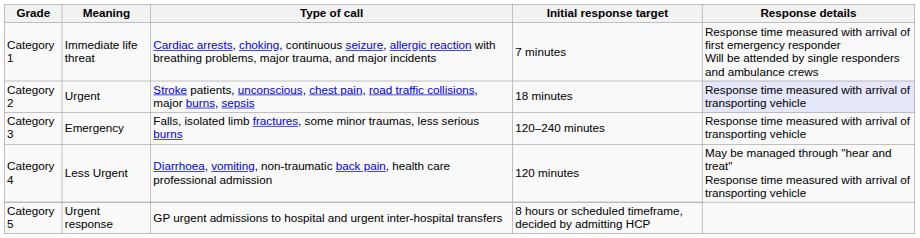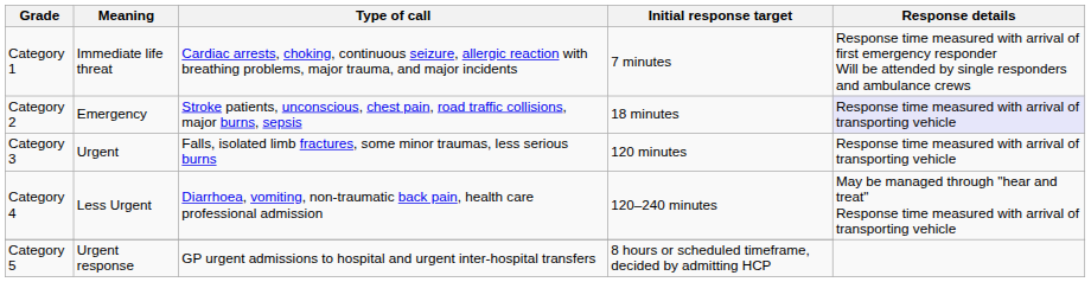 <table class=wikitable>
 <tr>
 <th>Grade</th>
 <th>Meaning</th>
 <th>Type of call</th>
 <th>Initial response target</th>
 <th>Response details</th>
 </tr>
 <tr>
 <td>Category 1</td>
 <td>Immediate life threat</td>
 <td><a href='#'>Cardiac arrests</a>, <a href='#'>choking</a>, continuous <a href='#'>seizure</a>, <a href='#'>allergic reaction</a> with breathing problems, major trauma, and major incidents</td>
 <td>7 minutes</td>
 <td>Response time measured with arrival of first emergency responder<br>Will be attended by single responders and ambulance crews</td>
 </tr>
 <tr>
 <td>Category 2</td>
-<td>Urgent</td>
+<td>Emergency</td>
 <td><a href='#'>Stroke</a> patients, <a href='#'>unconscious</a>, <a href='#'>chest pain</a>, <a href='#'>road traffic collisions</a>, major <a href='#'>burns</a>, <a href='#'>sepsis</a></td>
 <td>18 minutes</td>
 <td style="background: lavender;">Response time measured with arrival of transporting vehicle</td>
 </tr>
 <tr>
 <td>Category 3</td>
-<td>Emergency</td>
+<td>Urgent</td>
 <td>Falls, isolated limb <a href='#'>fractures</a>, some minor traumas, less serious <a href='#'>burns</a></td>
-<td>120–240 minutes</td>
+<td>120 minutes</td>
 <td>Response time measured with arrival of transporting vehicle</td>
 </tr>
 <tr>
 <td>Category 4</td>
 <td>Less Urgent</td>
 <td><a href='#'>Diarrhoea</a>, <a href='#'>vomiting</a>, non-traumatic <a href='#'>back pain</a>, health care professional admission</td>
-<td>120 minutes</td>
+<td>120–240 minutes</td>
 <td>May be managed through "hear and treat"<br>Response time measured with arrival of transporting vehicle</td>
 </tr>
 <tr>
 </tr>
 <tr>
 </tr>
 <tr>
 <td>Category 5</td>
 <td>Urgent response</td>
 <td>GP urgent admissions to hospital and urgent inter-hospital transfers</td>
 <td>8 hours or scheduled timeframe, decided by admitting HCP</td>
 </tr>
 </table>
